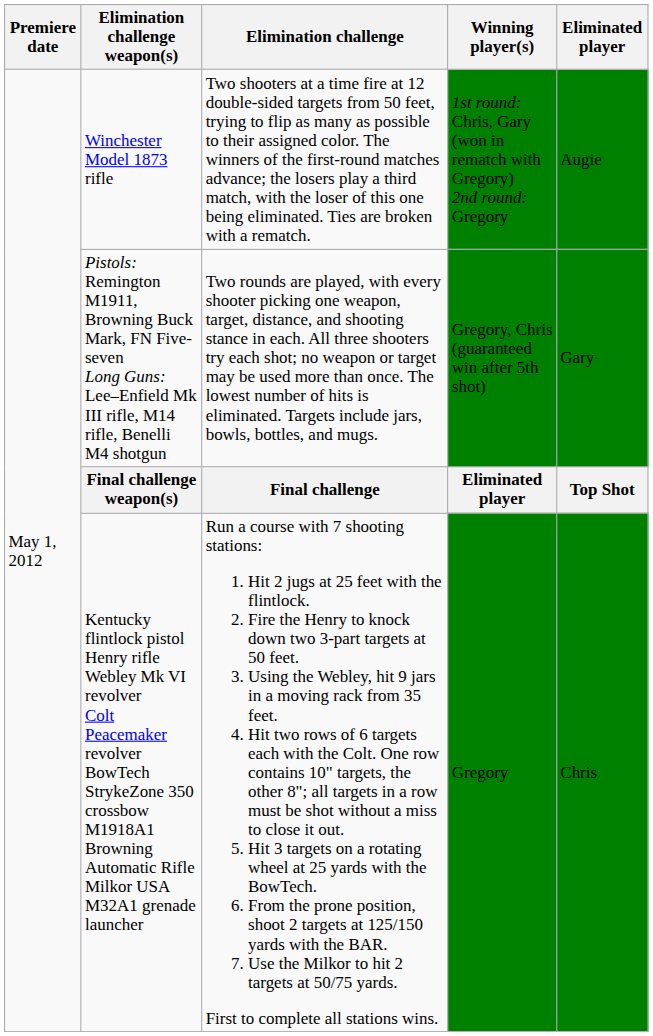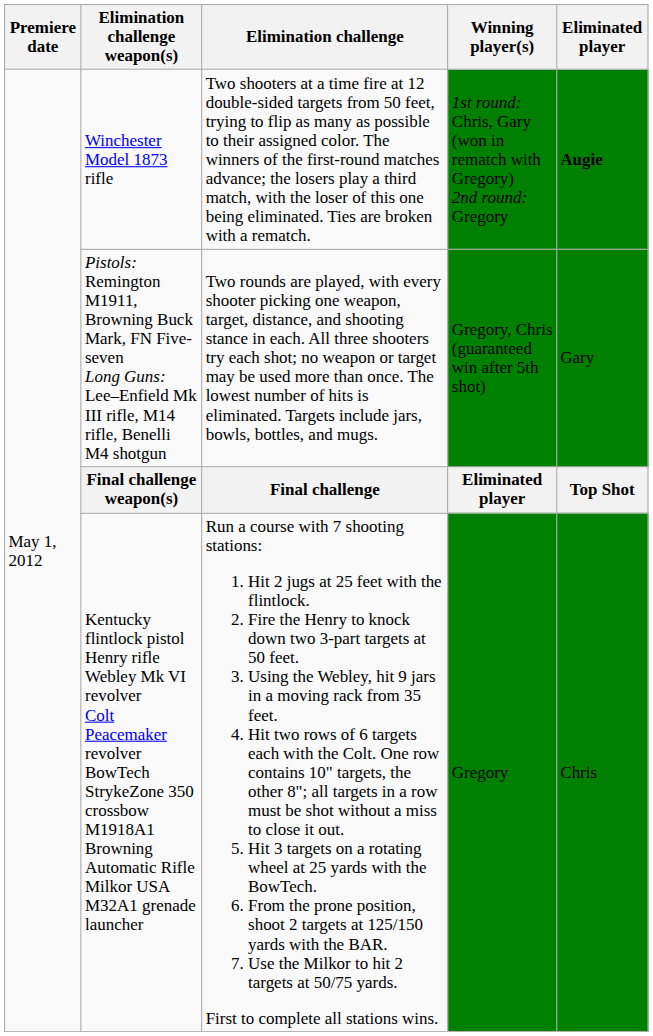 <table class="wikitable">
 <tr>
 <th>Premiere date</th>
 <th>Elimination challenge weapon(s)</th>
 <th>Elimination challenge</th>
 <th>Winning player(s)</th>
 <th>Eliminated player</th>
 </tr>
 <tr>
 <td rowspan="4">May 1, 2012</td>
 <td><a href='#'>Winchester Model 1873</a> rifle</td>
 <td>Two shooters at a time fire at 12 double-sided targets from 50 feet, trying to flip as many as possible to their assigned color. The winners of the first-round matches advance; the losers play a third match, with the loser of this one being eliminated. Ties are broken with a rematch.</td>
 <td bgcolor="green"><span><em>1st round:</em> Chris, Gary (won in rematch with Gregory)<br><em>2nd round:</em> Gregory</span></td>
-<td bgcolor="green"><span>Augie</span></td>
+<td bgcolor="green"><strong><span>Augie</span></strong></td>
 </tr>
 <tr>
 <td><em>Pistols:</em> Remington M1911, Browning Buck Mark, FN Five-seven<br><em>Long Guns:</em> Lee–Enfield Mk III rifle, M14 rifle, Benelli M4 shotgun</td>
 <td>Two rounds are played, with every shooter picking one weapon, target, distance, and shooting stance in each. All three shooters try each shot; no weapon or target may be used more than once. The lowest number of hits is eliminated. Targets include jars, bowls, bottles, and mugs.</td>
 <td bgcolor="green"><span>Gregory, Chris (guaranteed win after 5th shot)</span></td>
 <td bgcolor="green"><span>Gary</span></td>
 </tr>
 <tr>
 <th>Final challenge weapon(s)</th>
 <th>Final challenge</th>
 <th>Eliminated player</th>
 <th>Top Shot</th>
 </tr>
 <tr>
 <td>Kentucky flintlock pistol<br>Henry rifle<br>Webley Mk VI revolver<br><a href='#'>Colt Peacemaker</a> revolver<br>BowTech StrykeZone 350 crossbow<br>M1918A1 Browning Automatic Rifle<br>Milkor USA M32A1 grenade launcher</td>
 <td>Run a course with 7 shooting stations:<br><ol><li>Hit 2 jugs at 25 feet with the flintlock.</li><li>Fire the Henry to knock down two 3-part targets at 50 feet.</li><li>Using the Webley, hit 9 jars in a moving rack from 35 feet.</li><li>Hit two rows of 6 targets each with the Colt. One row contains 10" targets, the other 8"; all targets in a row must be shot without a miss to close it out.</li><li>Hit 3 targets on a rotating wheel at 25 yards with the BowTech.</li><li>From the prone position, shoot 2 targets at 125/150 yards with the BAR.</li><li>Use the Milkor to hit 2 targets at 50/75 yards.</li></ol>First to complete all stations wins.</td>
 <td bgcolor="green"><span>Gregory</span></td>
 <td bgcolor="green"><span>Chris</span></td>
 </tr>
 </table>
